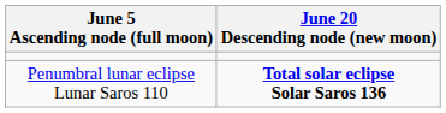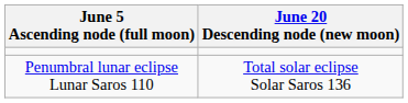 <table class="wikitable">
 <tr>
 <th>June 5<br>Ascending node (full moon)</th>
 <th><a href='#'>June 20</a><br>Descending node (new moon)<br></th>
 </tr>
 <tr>
 <td></td>
 <td></td>
 </tr>
 <tr align=center>
 <td><a href='#'>Penumbral lunar eclipse</a><br>Lunar Saros 110</td>
-<td><strong><a href='#'>Total solar eclipse</a><br>Solar Saros 136</strong></td>
+<td><a href='#'>Total solar eclipse</a><br>Solar Saros 136</td>
 </tr>
 </table>
